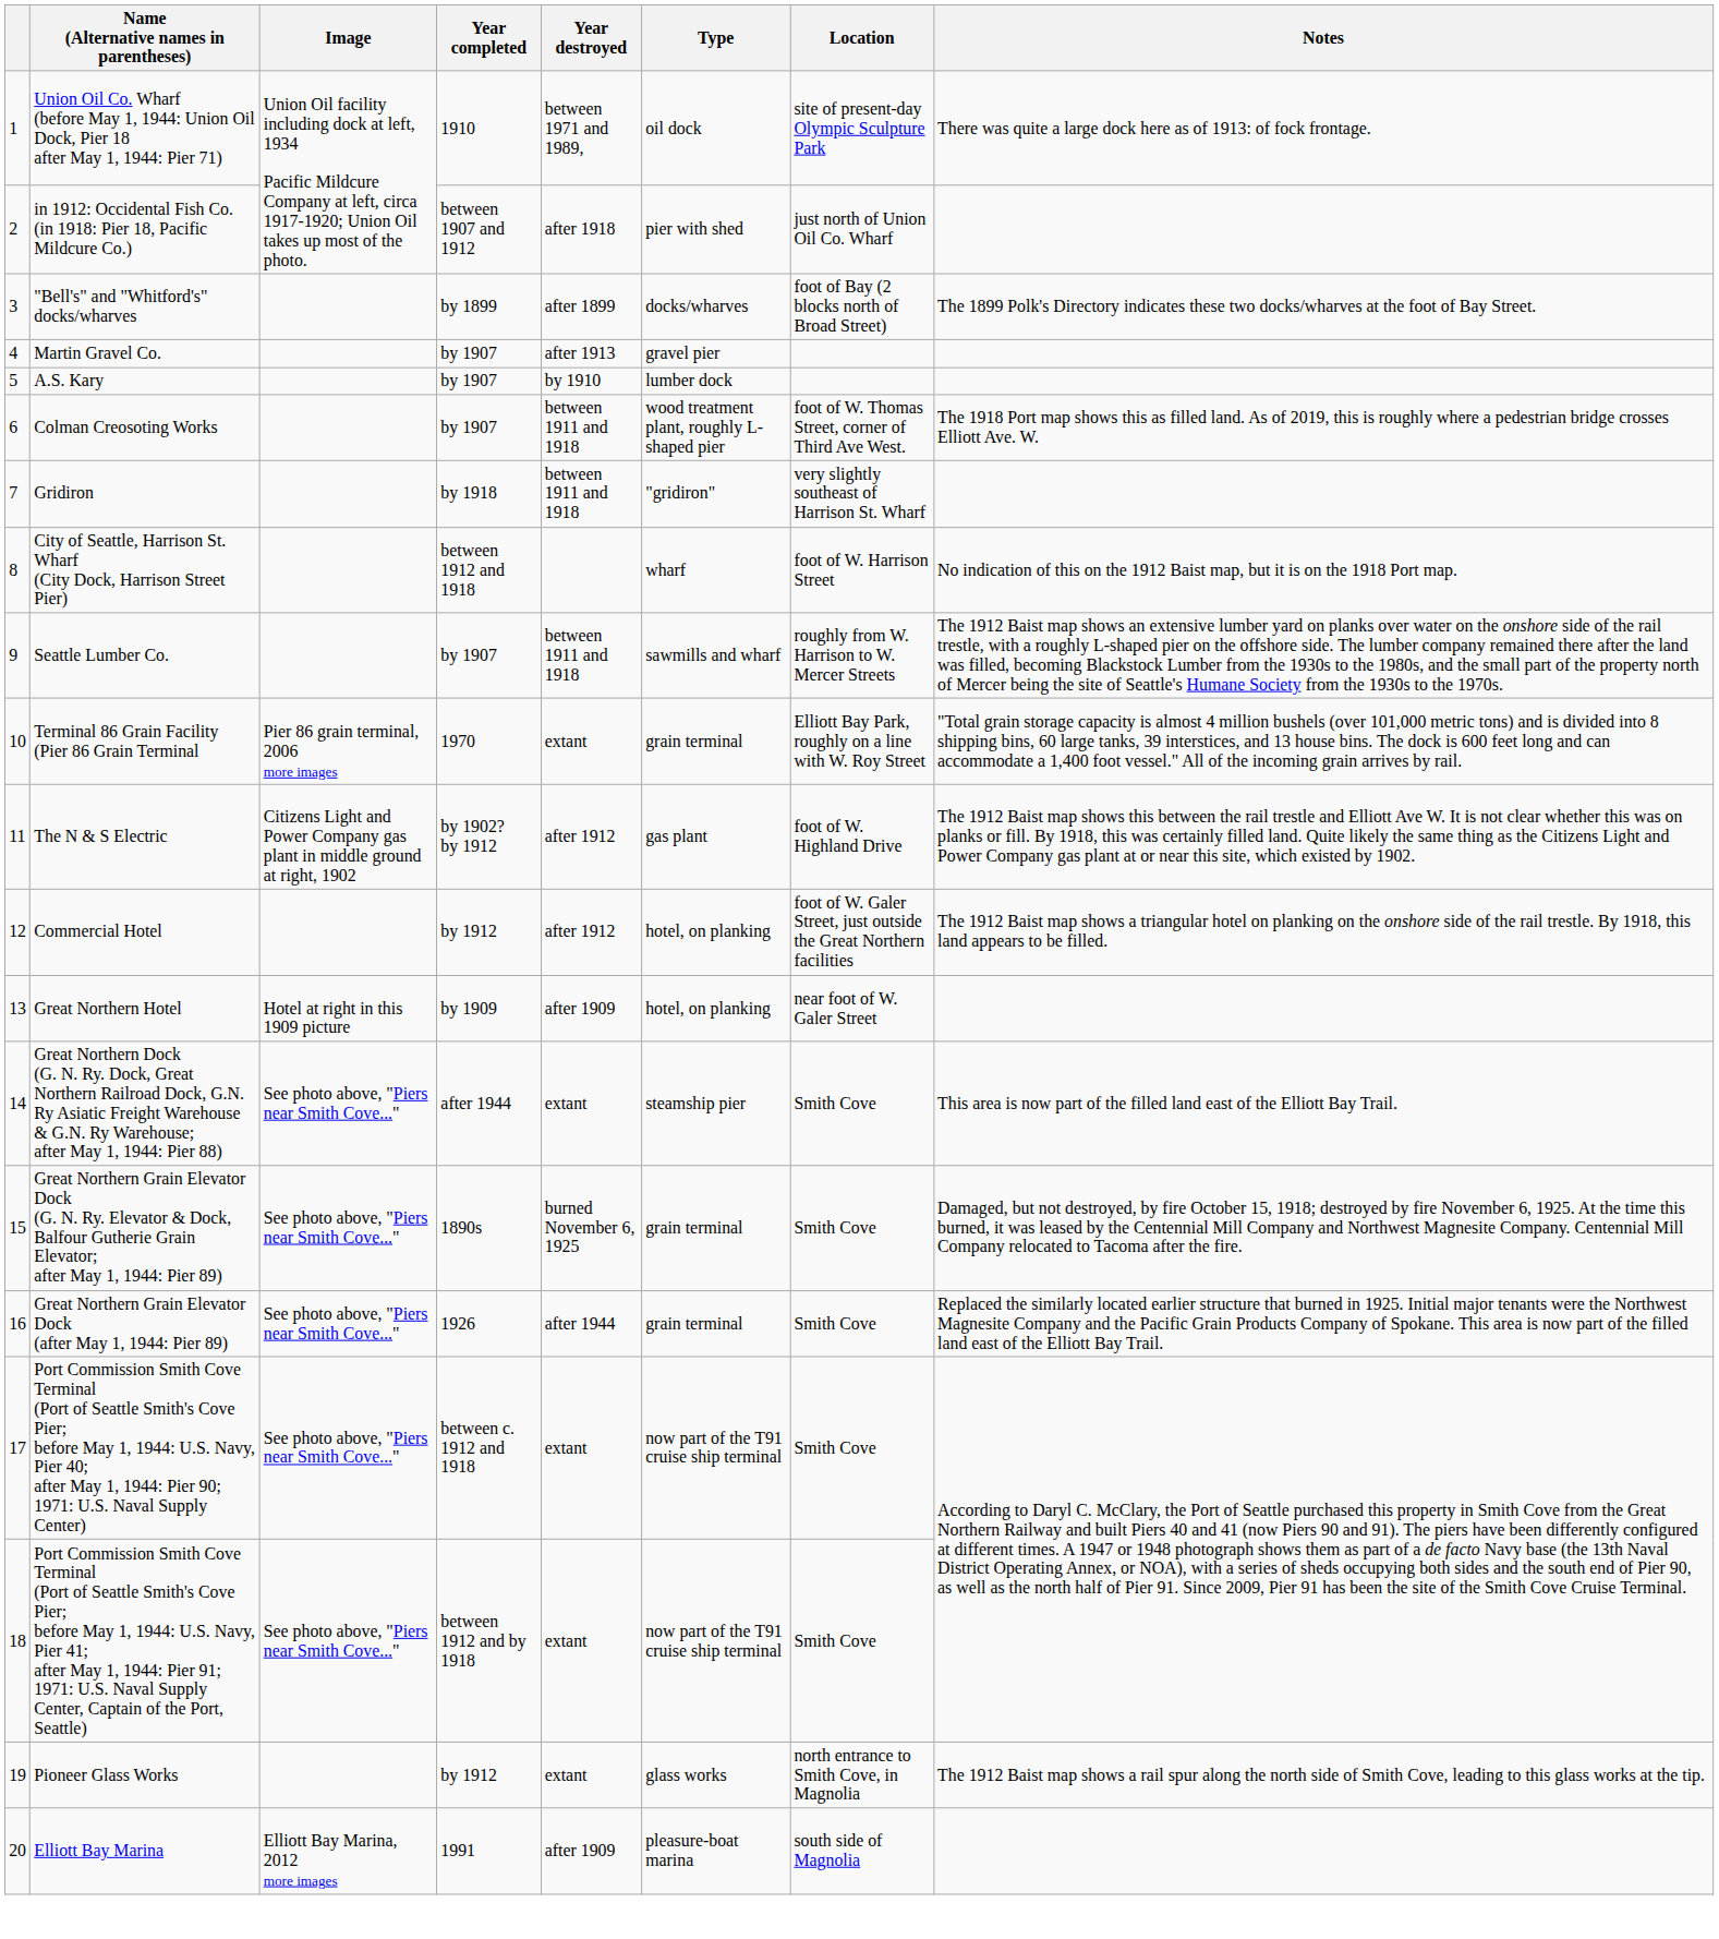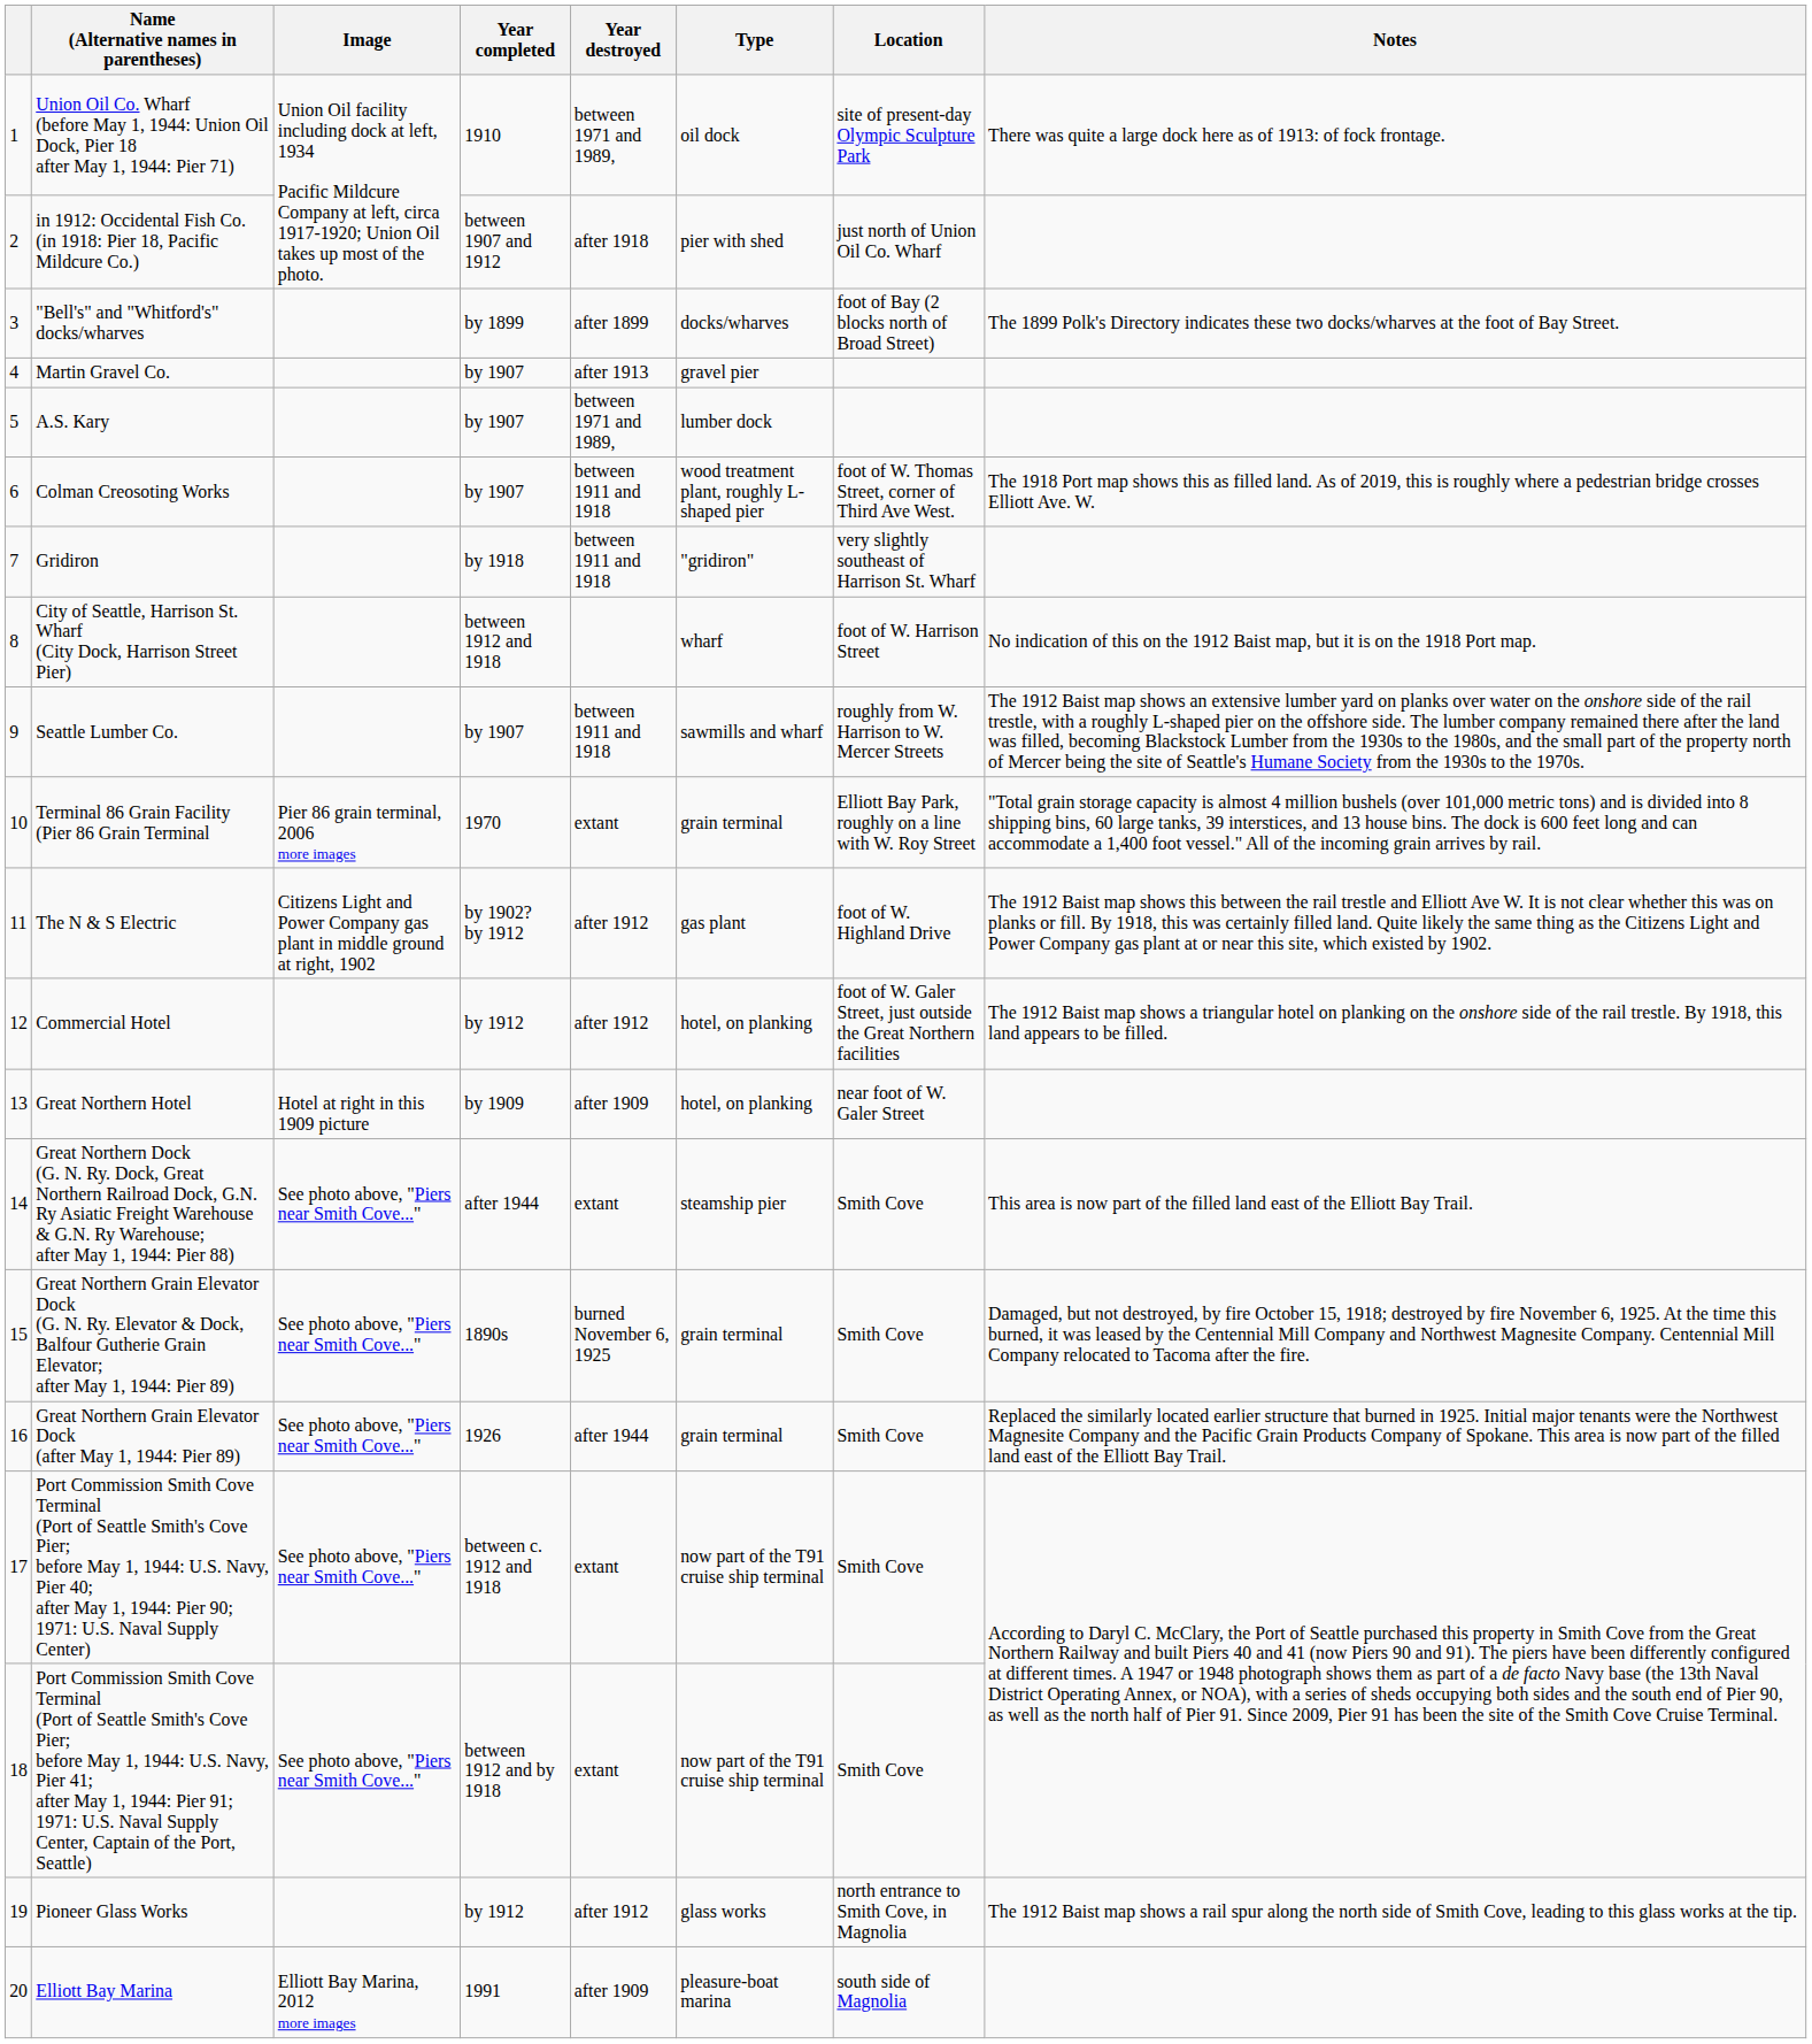 <table class="wikitable sortable" style="width:100%;">
 <tr>
 <th scope="col"></th>
 <th scope="col">Name<br>(Alternative names in parentheses)</th>
 <th scope="col" class="unsortable">Image</th>
 <th scope="col">Year completed</th>
 <th scope="col">Year destroyed</th>
 <th scope="col">Type</th>
 <th scope="col">Location</th>
 <th scope="col" class="unsortable">Notes</th>
 </tr>
 <tr>
 <td>1</td>
 <td><a href='#'>Union Oil Co.</a> Wharf<br>(before May 1, 1944: Union Oil Dock, Pier 18<br>after May 1, 1944: Pier 71)</td>
 <td rowspan="2'"><br>Union Oil facility including dock at left, 1934<br><br>Pacific Mildcure Company at left, circa 1917-1920; Union Oil takes up most of the photo.</td>
 <td>1910</td>
 <td>between 1971 and 1989,</td>
 <td>oil dock</td>
 <td>site of present-day <a href='#'>Olympic Sculpture Park</a></td>
 <td>There was quite a large dock here as of 1913:  of fock frontage.</td>
 </tr>
 <tr>
 <td>2</td>
 <td>in 1912: Occidental Fish Co. (in 1918: Pier 18, Pacific Mildcure Co.)<br></td>
 <td>between 1907 and 1912</td>
 <td>after 1918</td>
 <td>pier with shed</td>
 <td>just north of Union Oil Co. Wharf</td>
 <td></td>
 </tr>
 <tr>
 <td>3</td>
 <td>"Bell's" and "Whitford's" docks/wharves</td>
 <td></td>
 <td>by 1899</td>
 <td>after 1899</td>
 <td>docks/wharves</td>
 <td>foot of Bay (2 blocks north of Broad Street)</td>
 <td>The 1899 Polk's Directory indicates these two docks/wharves at the foot of Bay Street.</td>
 </tr>
 <tr>
 <td>4</td>
 <td>Martin Gravel Co.</td>
 <td></td>
 <td>by 1907</td>
 <td>after 1913</td>
 <td>gravel pier</td>
 <td></td>
 <td></td>
 </tr>
 <tr>
 <td>5</td>
 <td>A.S. Kary</td>
 <td></td>
 <td>by 1907</td>
-<td>by 1910</td>
+<td>between 1971 and 1989,</td>
 <td>lumber dock</td>
 <td></td>
 <td></td>
 </tr>
 <tr>
 <td>6</td>
 <td>Colman Creosoting Works</td>
 <td></td>
 <td>by 1907</td>
 <td>between 1911 and 1918</td>
 <td>wood treatment plant, roughly L-shaped pier</td>
 <td>foot of W. Thomas Street, corner of Third Ave West.</td>
 <td>The 1918 Port map shows this as filled land. As of 2019, this is roughly where a pedestrian bridge crosses Elliott Ave. W.</td>
 </tr>
 <tr>
 <td>7</td>
 <td>Gridiron</td>
 <td></td>
 <td>by 1918</td>
 <td>between 1911 and 1918</td>
 <td>"gridiron"</td>
 <td>very slightly southeast of Harrison St. Wharf</td>
 <td></td>
 </tr>
 <tr>
 <td>8</td>
 <td>City of Seattle, Harrison St. Wharf<br>(City Dock, Harrison Street Pier)</td>
 <td></td>
 <td>between 1912 and 1918</td>
 <td></td>
 <td>wharf</td>
 <td>foot of W. Harrison Street</td>
 <td>No indication of this on the 1912 Baist map, but it is on the 1918 Port map.</td>
 </tr>
 <tr>
 <td>9</td>
 <td>Seattle Lumber Co.</td>
 <td></td>
 <td>by 1907</td>
 <td>between 1911 and 1918</td>
 <td>sawmills and wharf</td>
 <td>roughly from W. Harrison to W. Mercer Streets</td>
 <td>The 1912 Baist map shows an extensive lumber yard on planks over water on the <em>onshore</em> side of the rail trestle, with a roughly L-shaped pier on the offshore side. The lumber company remained there after the land was filled, becoming Blackstock Lumber from the 1930s to the 1980s, and the small part of the property north of Mercer being the site of Seattle's <a href='#'>Humane Society</a> from the 1930s to the 1970s.</td>
 </tr>
 <tr>
 <td>10</td>
 <td>Terminal 86 Grain Facility<br>(Pier 86 Grain Terminal</td>
 <td><br>Pier 86 grain terminal, 2006<small><br><a href='#'>more images</a></small></td>
 <td>1970</td>
 <td>extant</td>
 <td>grain terminal</td>
 <td>Elliott Bay Park, roughly on a line with W. Roy Street</td>
 <td>"Total grain storage capacity is almost 4 million bushels (over 101,000 metric tons) and is divided into 8 shipping bins, 60 large tanks, 39 interstices, and 13 house bins. The dock is 600 feet long and can accommodate a 1,400 foot vessel." All of the incoming grain arrives by rail.</td>
 </tr>
 <tr>
 <td>11</td>
 <td>The N & S Electric</td>
 <td><br>Citizens Light and Power Company gas plant in middle ground at right, 1902</td>
 <td>by 1902?<br>by 1912</td>
 <td>after 1912</td>
 <td>gas plant</td>
 <td>foot of W. Highland Drive</td>
 <td>The 1912 Baist map shows this between the rail trestle and Elliott Ave W. It is not clear whether this was on planks or fill. By 1918, this was certainly filled land. Quite likely the same thing as the Citizens Light and Power Company gas plant at or near this site, which existed by 1902.</td>
 </tr>
 <tr>
 <td>12</td>
 <td>Commercial Hotel</td>
 <td></td>
 <td>by 1912</td>
 <td>after 1912</td>
 <td>hotel, on planking</td>
 <td>foot of W. Galer Street, just outside the Great Northern facilities</td>
 <td>The 1912 Baist map shows a triangular hotel on planking on the <em>onshore</em> side of the rail trestle. By 1918, this land appears to be filled.</td>
 </tr>
 <tr>
 <td>13</td>
 <td>Great Northern Hotel</td>
 <td><br>Hotel at right in this 1909 picture</td>
 <td>by 1909</td>
 <td>after 1909</td>
 <td>hotel, on planking</td>
 <td>near foot of W. Galer Street</td>
 <td></td>
 </tr>
 <tr>
 <td>14</td>
 <td>Great Northern Dock<br>(G. N. Ry. Dock, Great Northern Railroad Dock, G.N. Ry Asiatic Freight Warehouse & G.N. Ry Warehouse;<br>after May 1, 1944: Pier 88)</td>
 <td>See photo above, "<a href='#'>Piers near Smith Cove...</a>"</td>
 <td 1890s>after 1944</td>
 <td>extant</td>
 <td>steamship pier</td>
 <td>Smith Cove</td>
 <td>This area is now part of the filled land east of the Elliott Bay Trail.</td>
 </tr>
 <tr>
 <td>15</td>
 <td>Great Northern Grain Elevator Dock<br>(G. N. Ry. Elevator & Dock, Balfour Gutherie Grain Elevator;<br>after May 1, 1944: Pier 89)</td>
 <td>See photo above, "<a href='#'>Piers near Smith Cove...</a>"</td>
 <td>1890s</td>
 <td>burned November 6, 1925</td>
 <td>grain terminal</td>
 <td>Smith Cove</td>
 <td>Damaged, but not destroyed, by fire October 15, 1918; destroyed by fire November 6, 1925. At the time this burned, it was leased by the Centennial Mill Company and Northwest Magnesite Company. Centennial Mill Company relocated to Tacoma after the fire.</td>
 </tr>
 <tr>
 <td>16</td>
 <td>Great Northern Grain Elevator Dock<br>(after May 1, 1944: Pier 89)</td>
 <td>See photo above, "<a href='#'>Piers near Smith Cove...</a>"</td>
 <td>1926</td>
 <td>after 1944</td>
 <td>grain terminal</td>
 <td>Smith Cove</td>
 <td>Replaced the similarly located earlier structure that burned in 1925. Initial major tenants were the Northwest Magnesite Company and the Pacific Grain Products Company of Spokane. This area is now part of the filled land east of the Elliott Bay Trail.</td>
 </tr>
 <tr>
 <td>17</td>
 <td>Port Commission Smith Cove Terminal<br>(Port of Seattle Smith's Cove Pier;<br>before May 1, 1944: U.S. Navy, Pier 40;<br>after May 1, 1944: Pier 90; 1971: U.S. Naval Supply Center)</td>
 <td>See photo above, "<a href='#'>Piers near Smith Cove...</a>"</td>
 <td>between c. 1912 and 1918</td>
 <td>extant</td>
 <td>now part of the T91 cruise ship terminal</td>
 <td>Smith Cove</td>
 <td rowspan="2">According to Daryl C. McClary, the Port of Seattle purchased this property in Smith Cove from the Great Northern Railway and built Piers 40 and 41 (now Piers 90 and 91). The piers have been differently configured at different times. A 1947 or 1948 photograph shows them as part of a <em>de facto</em> Navy base (the 13th Naval District Operating Annex, or NOA), with a series of sheds occupying both sides and the south end of Pier 90, as well as the north half of Pier 91. Since 2009, Pier 91 has been the site of the Smith Cove Cruise Terminal.</td>
 </tr>
 <tr>
 <td>18</td>
 <td>Port Commission Smith Cove Terminal<br>(Port of Seattle Smith's Cove Pier;<br>before May 1, 1944: U.S. Navy, Pier 41;<br>after May 1, 1944: Pier 91; 1971: U.S. Naval Supply Center, Captain of the Port, Seattle)</td>
 <td>See photo above, "<a href='#'>Piers near Smith Cove...</a>"</td>
 <td>between 1912 and by 1918</td>
 <td>extant</td>
 <td>now part of the T91 cruise ship terminal</td>
 <td>Smith Cove<br></td>
 </tr>
 <tr>
 <td>19</td>
 <td>Pioneer Glass Works</td>
 <td></td>
 <td>by 1912</td>
-<td>extant</td>
+<td>after 1912</td>
 <td>glass works</td>
 <td>north entrance to Smith Cove, in Magnolia</td>
 <td>The 1912 Baist map shows a rail spur along the north side of Smith Cove, leading to this glass works at the tip.</td>
 </tr>
 <tr>
 <td>20</td>
 <td><a href='#'>Elliott Bay Marina</a></td>
 <td><br>Elliott Bay Marina, 2012<small><br><a href='#'>more images</a></small></td>
 <td>1991</td>
 <td>after 1909</td>
 <td>pleasure-boat marina</td>
 <td>south side of <a href='#'>Magnolia</a></td>
 <td></td>
 </tr>
 </table>
